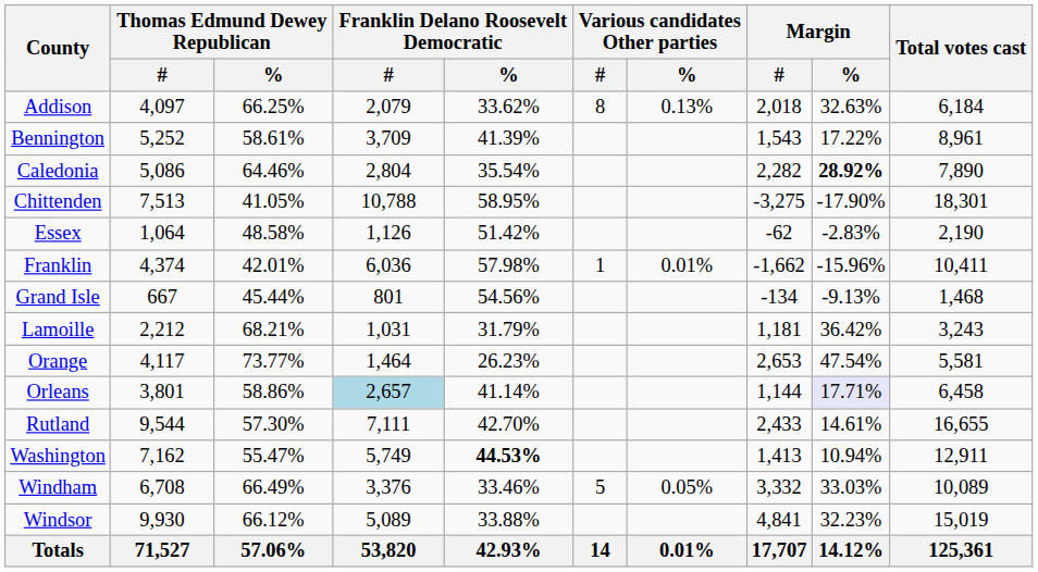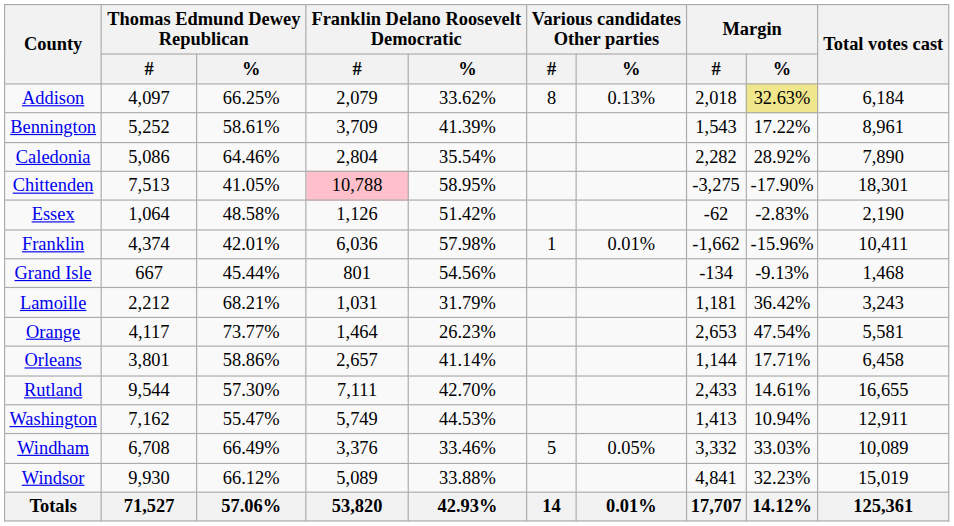 <table width="65%"  class="wikitable sortable" style="text-align:center">
 <tr>
 <th colspan="1" rowspan="2">County</th>
 <th style="text-align:center;" colspan="2">Thomas Edmund Dewey<br>Republican</th>
 <th style="text-align:center;" colspan="2">Franklin Delano Roosevelt<br>Democratic</th>
 <th style="text-align:center;" colspan="2">Various candidates<br>Other parties</th>
 <th style="text-align:center;" colspan="2">Margin</th>
 <th colspan="1" rowspan="2" style="text-align:center;">Total votes cast</th>
 </tr>
 <tr>
 <th style="text-align:center;" data-sort-type="number">#</th>
 <th style="text-align:center;" data-sort-type="number">%</th>
 <th style="text-align:center;" data-sort-type="number">#</th>
 <th style="text-align:center;" data-sort-type="number">%</th>
 <th style="text-align:center;" data-sort-type="number">#</th>
 <th style="text-align:center;" data-sort-type="number">%</th>
 <th style="text-align:center;" data-sort-type="number">#</th>
 <th style="text-align:center;" data-sort-type="number">%</th>
 </tr>
 <tr style="text-align:center;">
 <td><a href='#'>Addison</a></td>
 <td>4,097</td>
 <td>66.25%</td>
 <td>2,079</td>
 <td>33.62%</td>
 <td>8</td>
 <td>0.13%</td>
 <td>2,018</td>
-<td>32.63%</td>
+<td style="background: khaki;">32.63%</td>
 <td>6,184</td>
 </tr>
 <tr style="text-align:center;">
 <td><a href='#'>Bennington</a></td>
 <td>5,252</td>
 <td>58.61%</td>
 <td>3,709</td>
 <td>41.39%</td>
 <td></td>
 <td></td>
 <td>1,543</td>
 <td>17.22%</td>
 <td>8,961</td>
 </tr>
 <tr style="text-align:center;">
 <td><a href='#'>Caledonia</a></td>
 <td>5,086</td>
 <td>64.46%</td>
 <td>2,804</td>
 <td>35.54%</td>
 <td></td>
 <td></td>
 <td>2,282</td>
-<td><strong>28.92%</strong></td>
+<td>28.92%</td>
 <td>7,890</td>
 </tr>
 <tr style="text-align:center;">
 <td><a href='#'>Chittenden</a></td>
 <td>7,513</td>
 <td>41.05%</td>
-<td>10,788</td>
+<td style="background: pink;">10,788</td>
 <td>58.95%</td>
 <td></td>
 <td></td>
 <td>-3,275</td>
 <td>-17.90%</td>
 <td>18,301</td>
 </tr>
 <tr style="text-align:center;">
 <td><a href='#'>Essex</a></td>
 <td>1,064</td>
 <td>48.58%</td>
 <td>1,126</td>
 <td>51.42%</td>
 <td></td>
 <td></td>
 <td>-62</td>
 <td>-2.83%</td>
 <td>2,190</td>
 </tr>
 <tr style="text-align:center;">
 <td><a href='#'>Franklin</a></td>
 <td>4,374</td>
 <td>42.01%</td>
 <td>6,036</td>
 <td>57.98%</td>
 <td>1</td>
 <td>0.01%</td>
 <td>-1,662</td>
 <td>-15.96%</td>
 <td>10,411</td>
 </tr>
 <tr style="text-align:center;">
 <td><a href='#'>Grand Isle</a></td>
 <td>667</td>
 <td>45.44%</td>
 <td>801</td>
 <td>54.56%</td>
 <td></td>
 <td></td>
 <td>-134</td>
 <td>-9.13%</td>
 <td>1,468</td>
 </tr>
 <tr style="text-align:center;">
 <td><a href='#'>Lamoille</a></td>
 <td>2,212</td>
 <td>68.21%</td>
 <td>1,031</td>
 <td>31.79%</td>
 <td></td>
 <td></td>
 <td>1,181</td>
 <td>36.42%</td>
 <td>3,243</td>
 </tr>
 <tr style="text-align:center;">
 <td><a href='#'>Orange</a></td>
 <td>4,117</td>
 <td>73.77%</td>
 <td>1,464</td>
 <td>26.23%</td>
 <td></td>
 <td></td>
 <td>2,653</td>
 <td>47.54%</td>
 <td>5,581</td>
 </tr>
 <tr style="text-align:center;">
 <td><a href='#'>Orleans</a></td>
 <td>3,801</td>
 <td>58.86%</td>
-<td style="background: lightblue;">2,657</td>
+<td>2,657</td>
 <td>41.14%</td>
 <td></td>
 <td></td>
 <td>1,144</td>
-<td style="background: lavender;">17.71%</td>
+<td>17.71%</td>
 <td>6,458</td>
 </tr>
 <tr style="text-align:center;">
 <td><a href='#'>Rutland</a></td>
 <td>9,544</td>
 <td>57.30%</td>
 <td>7,111</td>
 <td>42.70%</td>
 <td></td>
 <td></td>
 <td>2,433</td>
 <td>14.61%</td>
 <td>16,655</td>
 </tr>
 <tr style="text-align:center;">
 <td><a href='#'>Washington</a></td>
 <td>7,162</td>
 <td>55.47%</td>
 <td>5,749</td>
-<td><strong>44.53%</strong></td>
+<td>44.53%</td>
 <td></td>
 <td></td>
 <td>1,413</td>
 <td>10.94%</td>
 <td>12,911</td>
 </tr>
 <tr style="text-align:center;">
 <td><a href='#'>Windham</a></td>
 <td>6,708</td>
 <td>66.49%</td>
 <td>3,376</td>
 <td>33.46%</td>
 <td>5</td>
 <td>0.05%</td>
 <td>3,332</td>
 <td>33.03%</td>
 <td>10,089</td>
 </tr>
 <tr style="text-align:center;">
 <td><a href='#'>Windsor</a></td>
 <td>9,930</td>
 <td>66.12%</td>
 <td>5,089</td>
 <td>33.88%</td>
 <td></td>
 <td></td>
 <td>4,841</td>
 <td>32.23%</td>
 <td>15,019</td>
 </tr>
 <tr style="text-align:center;">
 <th>Totals</th>
 <th>71,527</th>
 <th>57.06%</th>
 <th>53,820</th>
 <th>42.93%</th>
 <th>14</th>
 <th>0.01%</th>
 <th>17,707</th>
 <th>14.12%</th>
 <th>125,361</th>
 </tr>
 </table>
